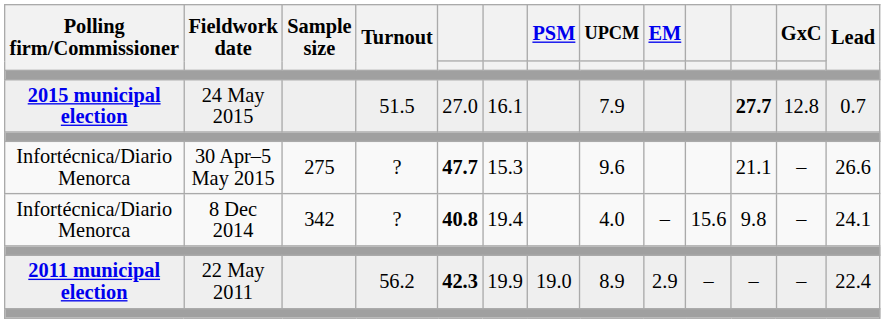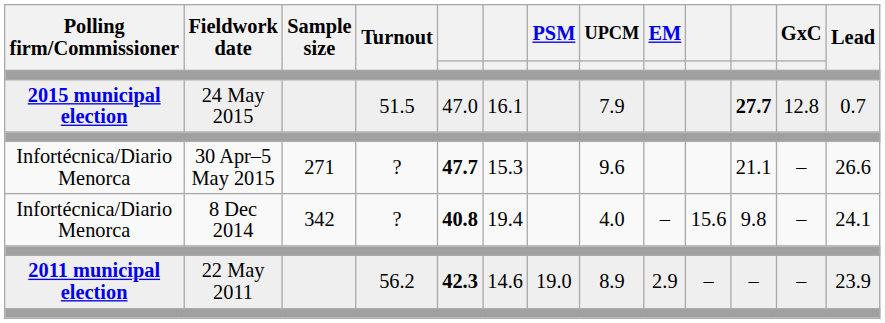 <table class="wikitable collapsible collapsed" style="text-align:center; font-size:95%; line-height:16px;">
 <tr style="height:42px;">
 <th style="width:250px;" rowspan="2">Polling firm/Commissioner</th>
 <th style="width:125px;" rowspan="2">Fieldwork date</th>
 <th style="width:50px;" rowspan="2">Sample size</th>
 <th style="width:45px;" rowspan="2">Turnout</th>
 <th style="width:35px;"></th>
 <th style="width:35px;"></th>
 <th style="width:35px;"><a href='#'>PSM</a></th>
 <th style="width:35px; font-size:90%;">UPCM</th>
 <th style="width:35px;"><a href='#'>EM</a></th>
 <th style="width:35px;"></th>
 <th style="width:35px;"></th>
 <th style="width:35px;">GxC</th>
 <th style="width:30px;" rowspan="2">Lead</th>
 </tr>
 <tr>
 <th style="color:inherit;background:"></th>
 <th style="color:inherit;background:"></th>
 <th style="color:inherit;background:"></th>
 <th style="color:inherit;background:"></th>
 <th style="color:inherit;background:"></th>
 <th style="color:inherit;background:"></th>
 <th style="color:inherit;background:"></th>
 <th style="color:inherit;background:"></th>
 </tr>
 <tr>
 <td colspan="13" style="background:#A0A0A0"></td>
 </tr>
 <tr style="background:#EFEFEF;">
 <td><strong><a href='#'>2015 municipal election</a></strong></td>
 <td>24 May 2015</td>
 <td></td>
 <td>51.5</td>
-<td>27.0<br></td>
+<td>47.0<br></td>
 <td>16.1<br></td>
 <td></td>
 <td>7.9<br></td>
 <td></td>
 <td></td>
 <td><strong>27.7</strong><br></td>
 <td>12.8<br></td>
 <td style="background:">0.7</td>
 </tr>
 <tr>
 <td colspan="13" style="background:#A0A0A0"></td>
 </tr>
 <tr>
 <td>Infortécnica/Diario Menorca</td>
 <td>30 Apr–5 May 2015</td>
-<td>275</td>
+<td>271</td>
 <td>?</td>
 <td><strong>47.7</strong><br></td>
 <td>15.3<br></td>
 <td></td>
 <td>9.6<br></td>
 <td></td>
 <td></td>
 <td>21.1<br></td>
 <td>–</td>
 <td style="background:">26.6</td>
 </tr>
 <tr>
 <td>Infortécnica/Diario Menorca</td>
 <td>8 Dec 2014</td>
 <td>342</td>
 <td>?</td>
 <td><strong>40.8</strong><br></td>
 <td>19.4<br></td>
 <td></td>
 <td>4.0<br></td>
 <td>–</td>
 <td>15.6<br></td>
 <td>9.8<br></td>
 <td>–</td>
 <td style="background:">24.1</td>
 </tr>
 <tr>
 <td colspan="13" style="background:#A0A0A0"></td>
 </tr>
 <tr style="background:#EFEFEF;">
 <td><strong><a href='#'>2011 municipal election</a></strong></td>
 <td>22 May 2011</td>
 <td></td>
 <td>56.2</td>
 <td><strong>42.3</strong><br></td>
-<td>19.9<br></td>
+<td>14.6<br></td>
 <td>19.0<br></td>
 <td>8.9<br></td>
 <td>2.9<br></td>
 <td>–</td>
 <td>–</td>
 <td>–</td>
-<td style="background:">22.4</td>
+<td style="background:">23.9</td>
 </tr>
 <tr>
 <td colspan="13" style="background:#A0A0A0"></td>
 </tr>
 </table>
